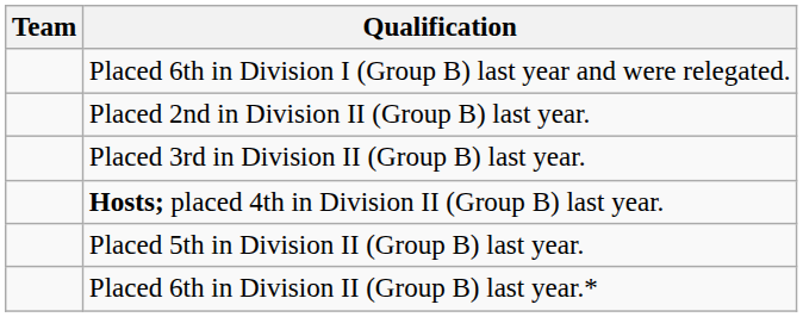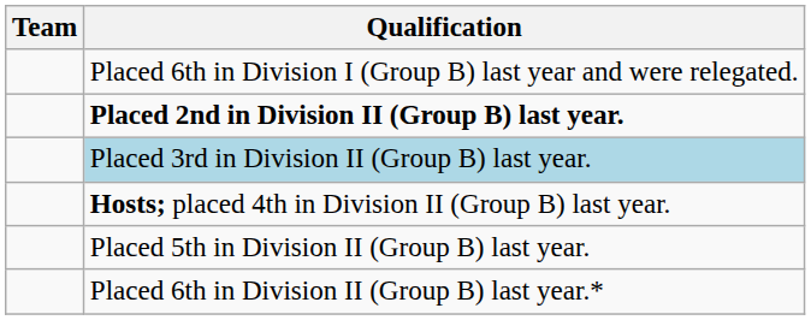 <table class="wikitable">
 <tr>
 <th>Team</th>
 <th>Qualification</th>
 </tr>
 <tr>
 <td></td>
 <td>Placed 6th in Division I (Group B) last year and were relegated.</td>
 </tr>
 <tr>
 <td></td>
-<td>Placed 2nd in Division II (Group B) last year.</td>
+<td><strong>Placed 2nd in Division II (Group B) last year.</strong></td>
 </tr>
 <tr>
 <td></td>
-<td>Placed 3rd in Division II (Group B) last year.</td>
+<td style="background: lightblue;">Placed 3rd in Division II (Group B) last year.</td>
 </tr>
 <tr>
 <td></td>
 <td><strong>Hosts;</strong> placed 4th in Division II (Group B) last year.</td>
 </tr>
 <tr>
 <td></td>
 <td>Placed 5th in Division II (Group B) last year.</td>
 </tr>
 <tr>
 <td></td>
 <td>Placed 6th in Division II (Group B) last year.*</td>
 </tr>
 </table>
